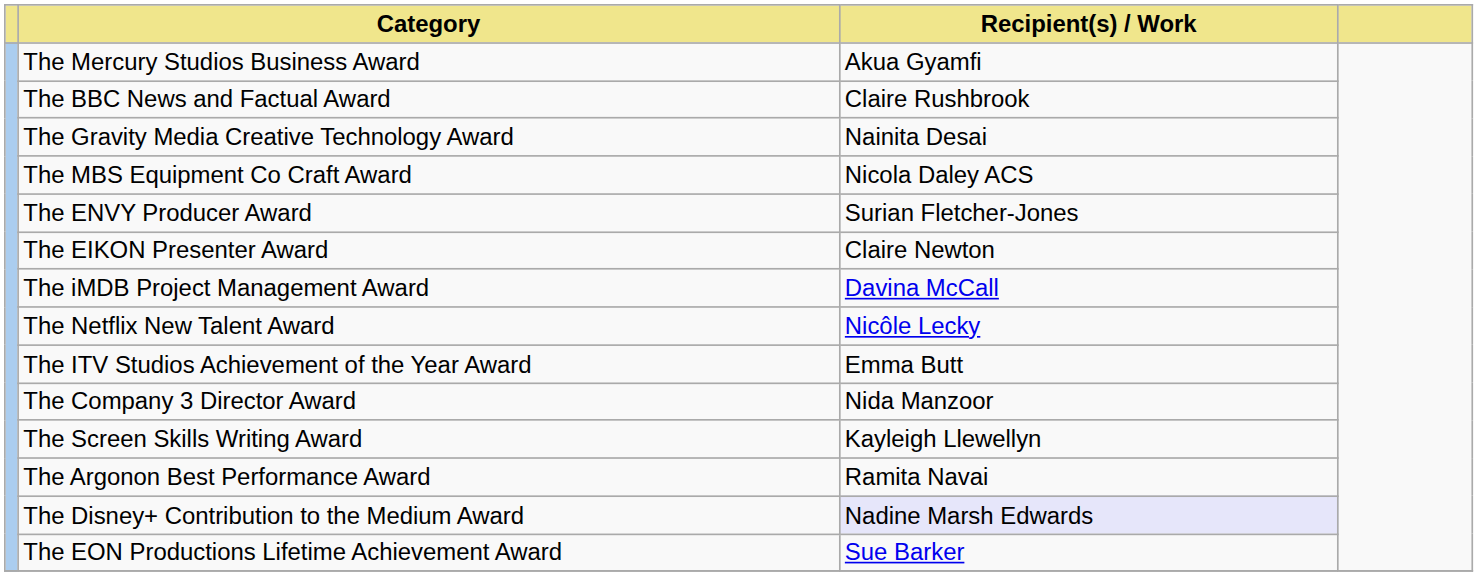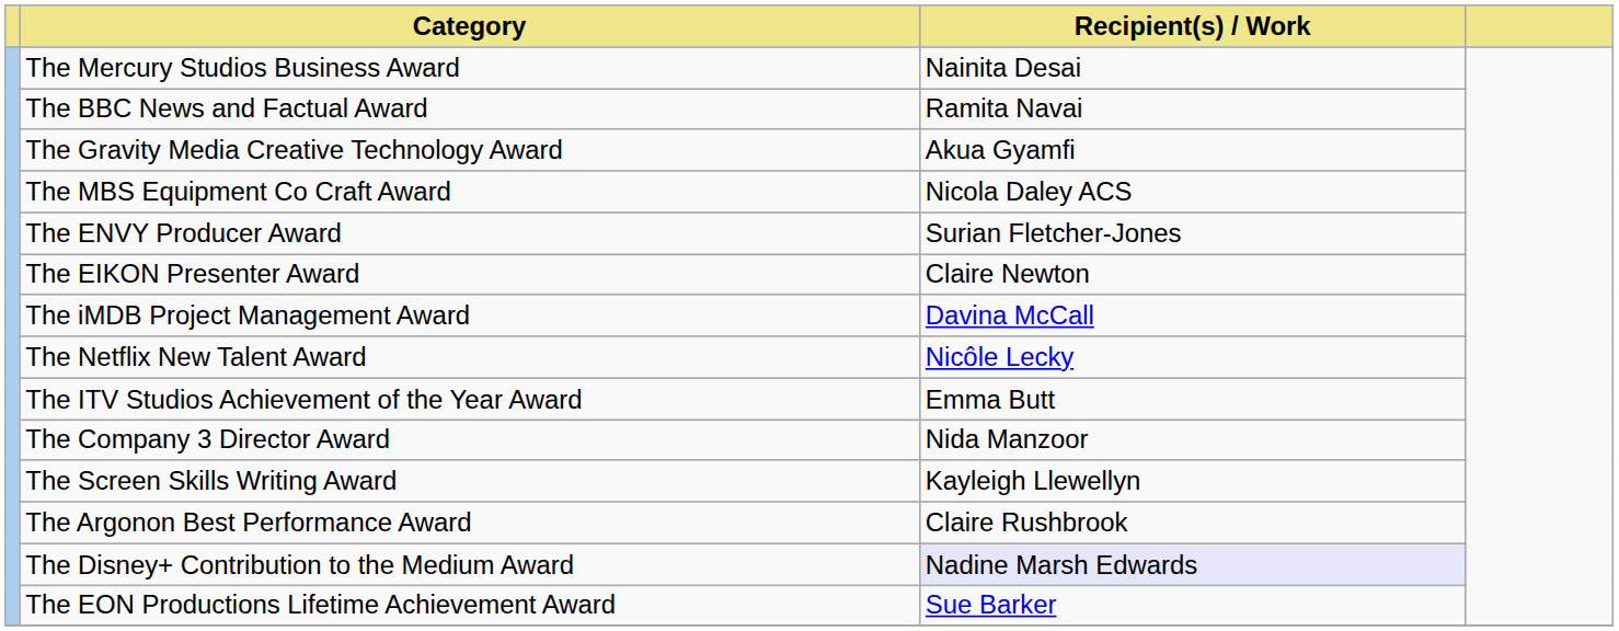 <table class="wikitable" width="70%" scope="col" style="text-align: left; font-size: 90%">
 <tr col>
 <th style="background:#F0E68C" width="1px"></th>
 <th style="background:#F0E68C" width="56%">Category</th>
 <th style="background:#F0E68C" width="34%">Recipient(s) / Work</th>
 <th style="background:#F0E68C" scope="col" class="unsortable"></th>
 </tr>
 <tr>
 <td rowspan="14"  style="background: #abcdef;"></td>
 <td scope="col" style="align:left">The Mercury Studios Business Award</td>
-<td>Akua Gyamfi</td>
+<td>Nainita Desai</td>
 <td rowspan="14"></td>
 </tr>
 <tr>
 <td>The BBC News and Factual Award</td>
-<td>Claire Rushbrook</td>
+<td>Ramita Navai</td>
 </tr>
 <tr>
 <td>The Gravity Media Creative Technology Award</td>
-<td>Nainita Desai</td>
+<td>Akua Gyamfi</td>
 </tr>
 <tr>
 <td>The MBS Equipment Co Craft Award</td>
 <td>Nicola Daley ACS</td>
 </tr>
 <tr>
 <td>The ENVY Producer Award</td>
 <td>Surian Fletcher-Jones</td>
 </tr>
 <tr>
 <td>The EIKON Presenter Award</td>
 <td>Claire Newton</td>
 </tr>
 <tr>
 <td>The iMDB Project Management Award</td>
 <td><a href='#'>Davina McCall</a></td>
 </tr>
 <tr>
 <td>The Netflix New Talent Award</td>
 <td><a href='#'>Nicôle Lecky</a></td>
 </tr>
 <tr>
 <td>The ITV Studios Achievement of the Year Award</td>
 <td>Emma Butt</td>
 </tr>
 <tr>
 <td>The Company 3 Director Award</td>
 <td>Nida Manzoor</td>
 </tr>
 <tr>
 <td>The Screen Skills Writing Award</td>
 <td>Kayleigh Llewellyn</td>
 </tr>
 <tr>
 <td>The Argonon Best Performance Award</td>
-<td>Ramita Navai</td>
+<td>Claire Rushbrook</td>
 </tr>
 <tr>
 <td>The Disney+ Contribution to the Medium Award</td>
 <td style="background: lavender;">Nadine Marsh Edwards</td>
 </tr>
 <tr>
 <td>The EON Productions Lifetime Achievement Award</td>
 <td><a href='#'>Sue Barker</a></td>
 </tr>
 <tr>
 </tr>
 </table>
